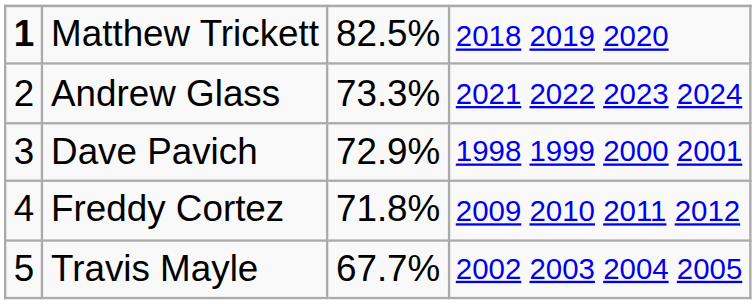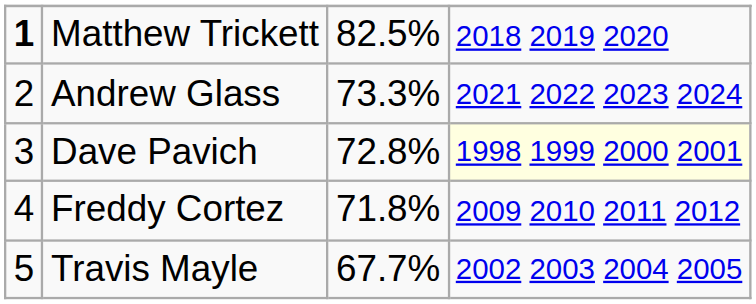 <table class="wikitable" style="display:inline-table;">
 <tr>
 </tr>
 <tr>
 <td><strong>1</strong></td>
 <td>Matthew Trickett</td>
 <td><abbr>82.5%</abbr></td>
 <td style="font-size:80%;"><a href='#'>2018</a> <a href='#'>2019</a> <a href='#'>2020</a></td>
 </tr>
 <tr>
 <td>2</td>
 <td>Andrew Glass</td>
 <td><abbr>73.3%</abbr></td>
 <td style="font-size:80%;"><a href='#'>2021</a> <a href='#'>2022</a> <a href='#'>2023</a> <a href='#'>2024</a></td>
 </tr>
 <tr>
 <td>3</td>
 <td>Dave Pavich</td>
-<td><abbr>72.9%</abbr></td>
-<td style="font-size:80%;"><a href='#'>1998</a> <a href='#'>1999</a> <a href='#'>2000</a> <a href='#'>2001</a></td>
+<td><abbr>72.8%</abbr></td>
+<td style="background: lightyellow; font-size:80%;"><a href='#'>1998</a> <a href='#'>1999</a> <a href='#'>2000</a> <a href='#'>2001</a></td>
 </tr>
 <tr>
 <td>4</td>
 <td>Freddy Cortez</td>
 <td><abbr>71.8%</abbr></td>
 <td style="font-size:80%;"><a href='#'>2009</a> <a href='#'>2010</a> <a href='#'>2011</a> <a href='#'>2012</a></td>
 </tr>
 <tr>
 <td>5</td>
 <td>Travis Mayle</td>
 <td><abbr>67.7%</abbr></td>
 <td style="font-size:80%;"><a href='#'>2002</a> <a href='#'>2003</a> <a href='#'>2004</a> <a href='#'>2005</a></td>
 </tr>
 </table>
